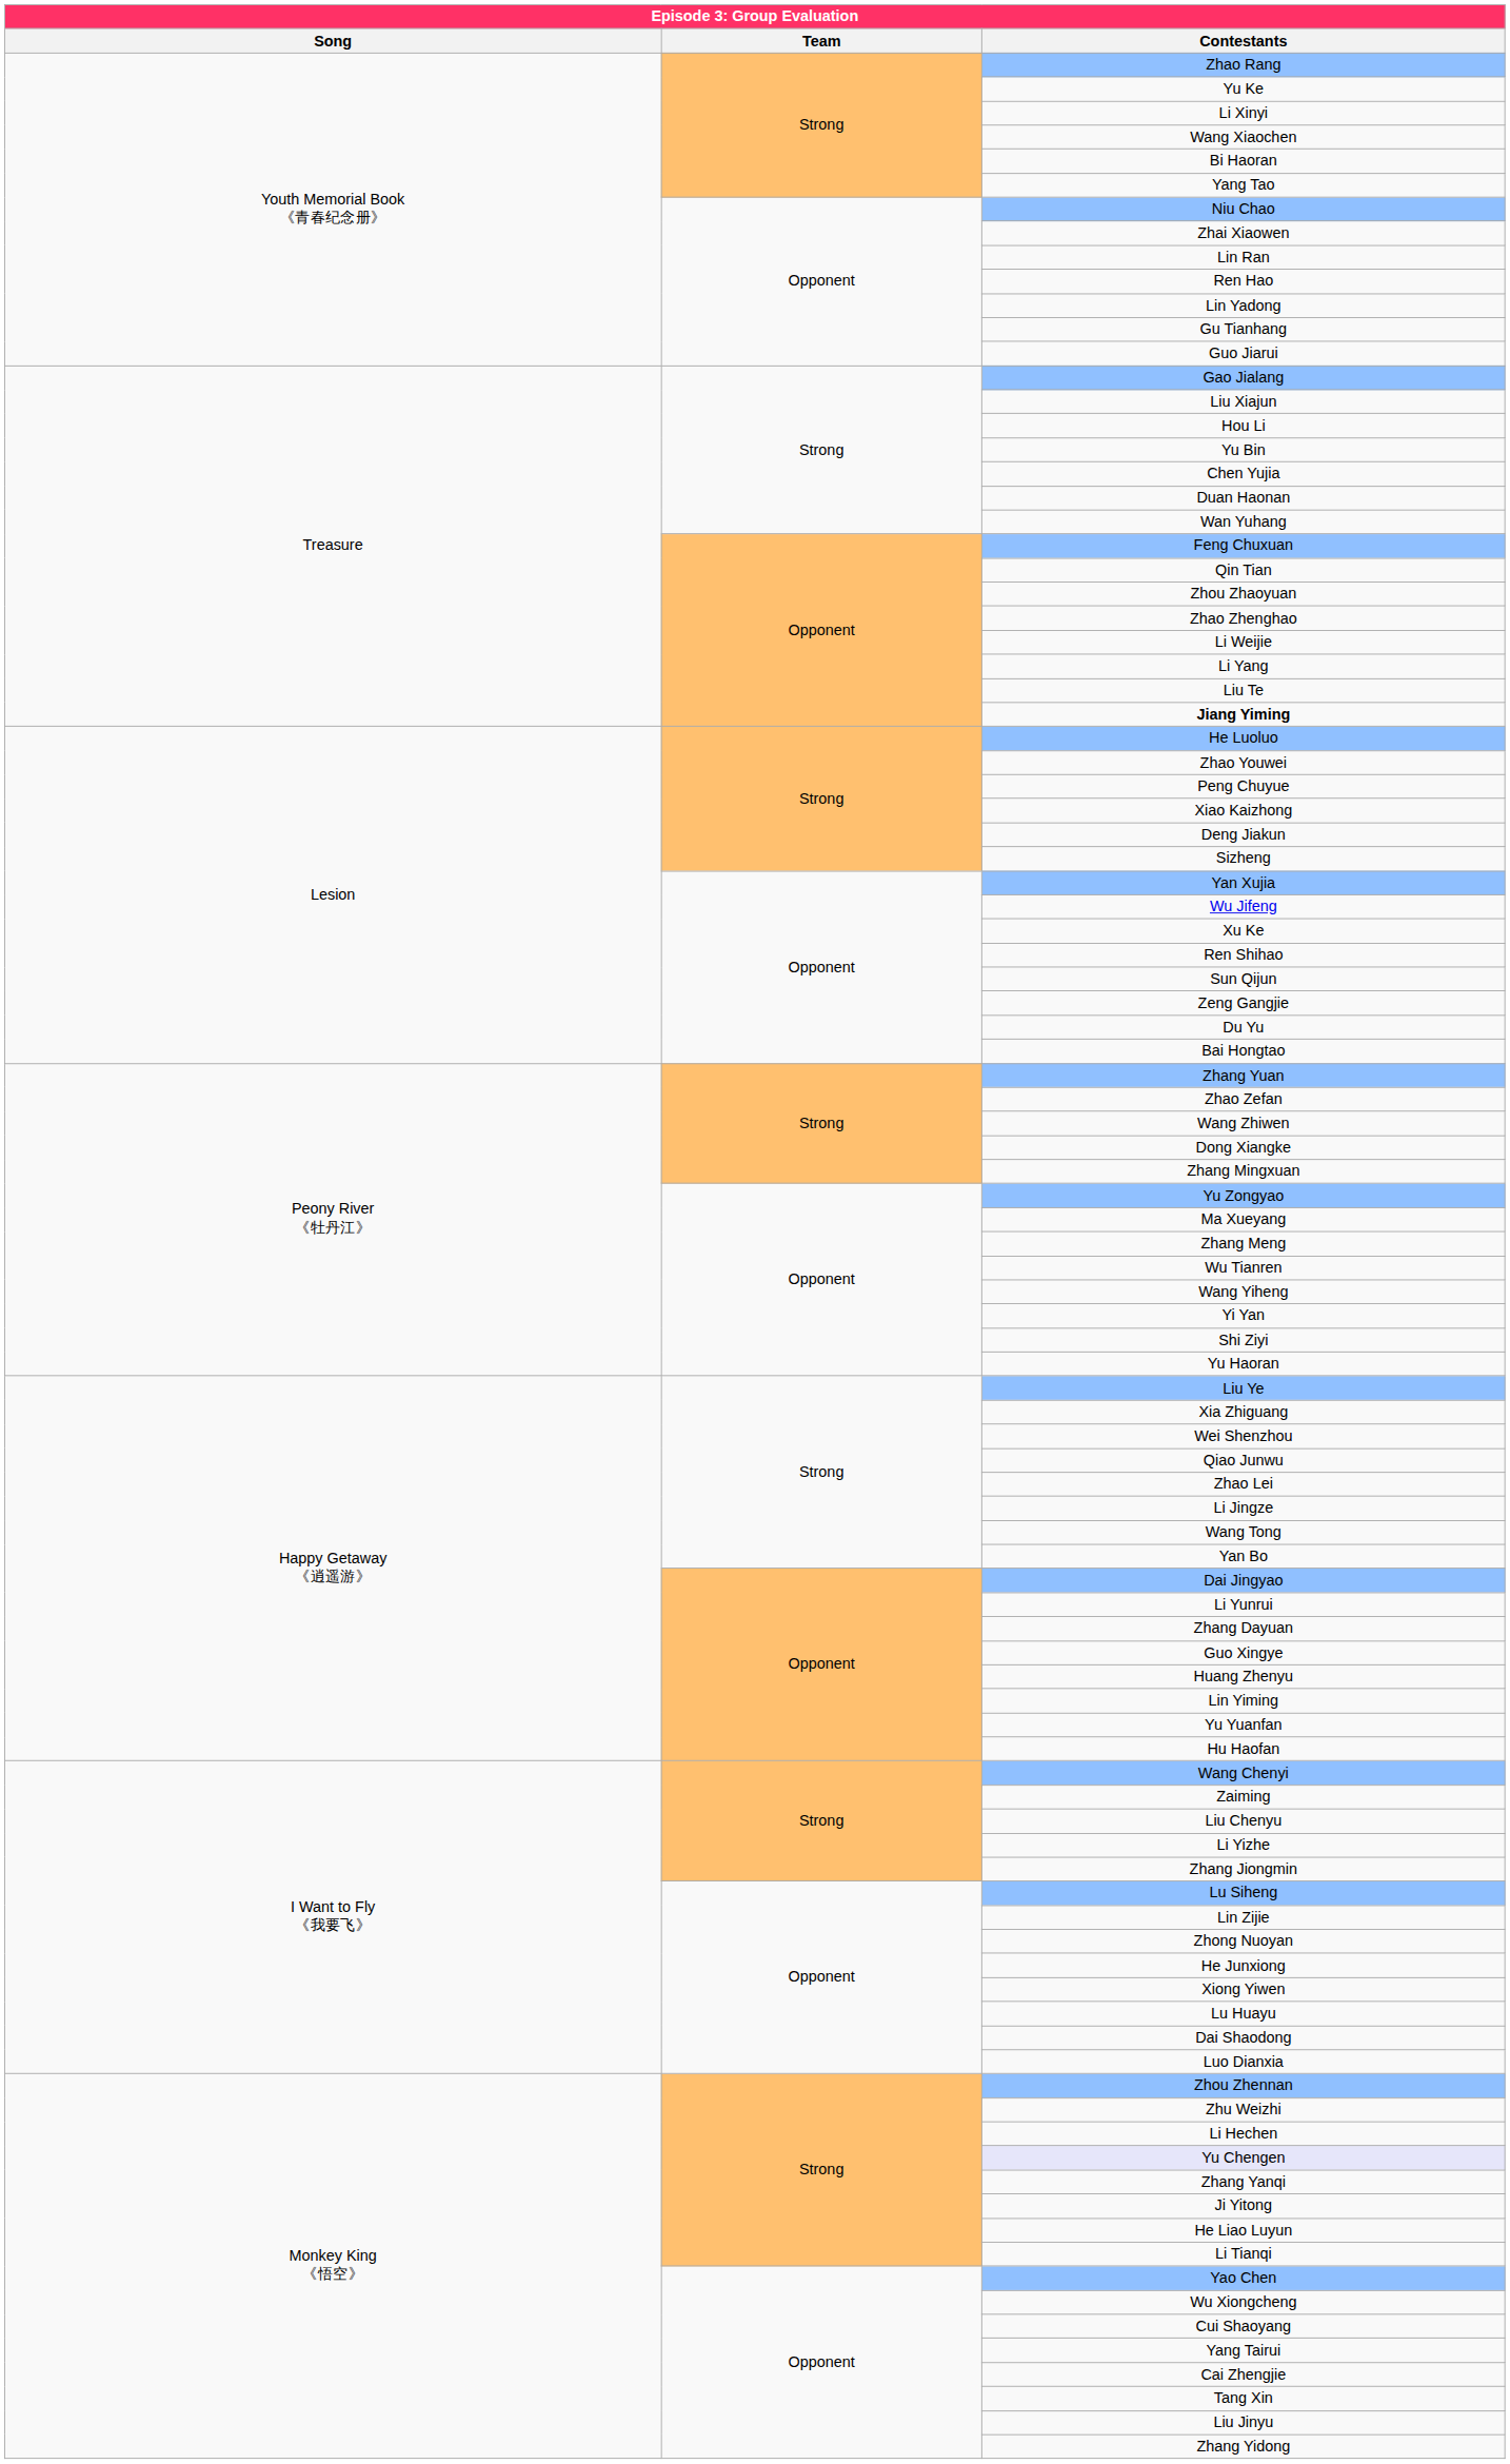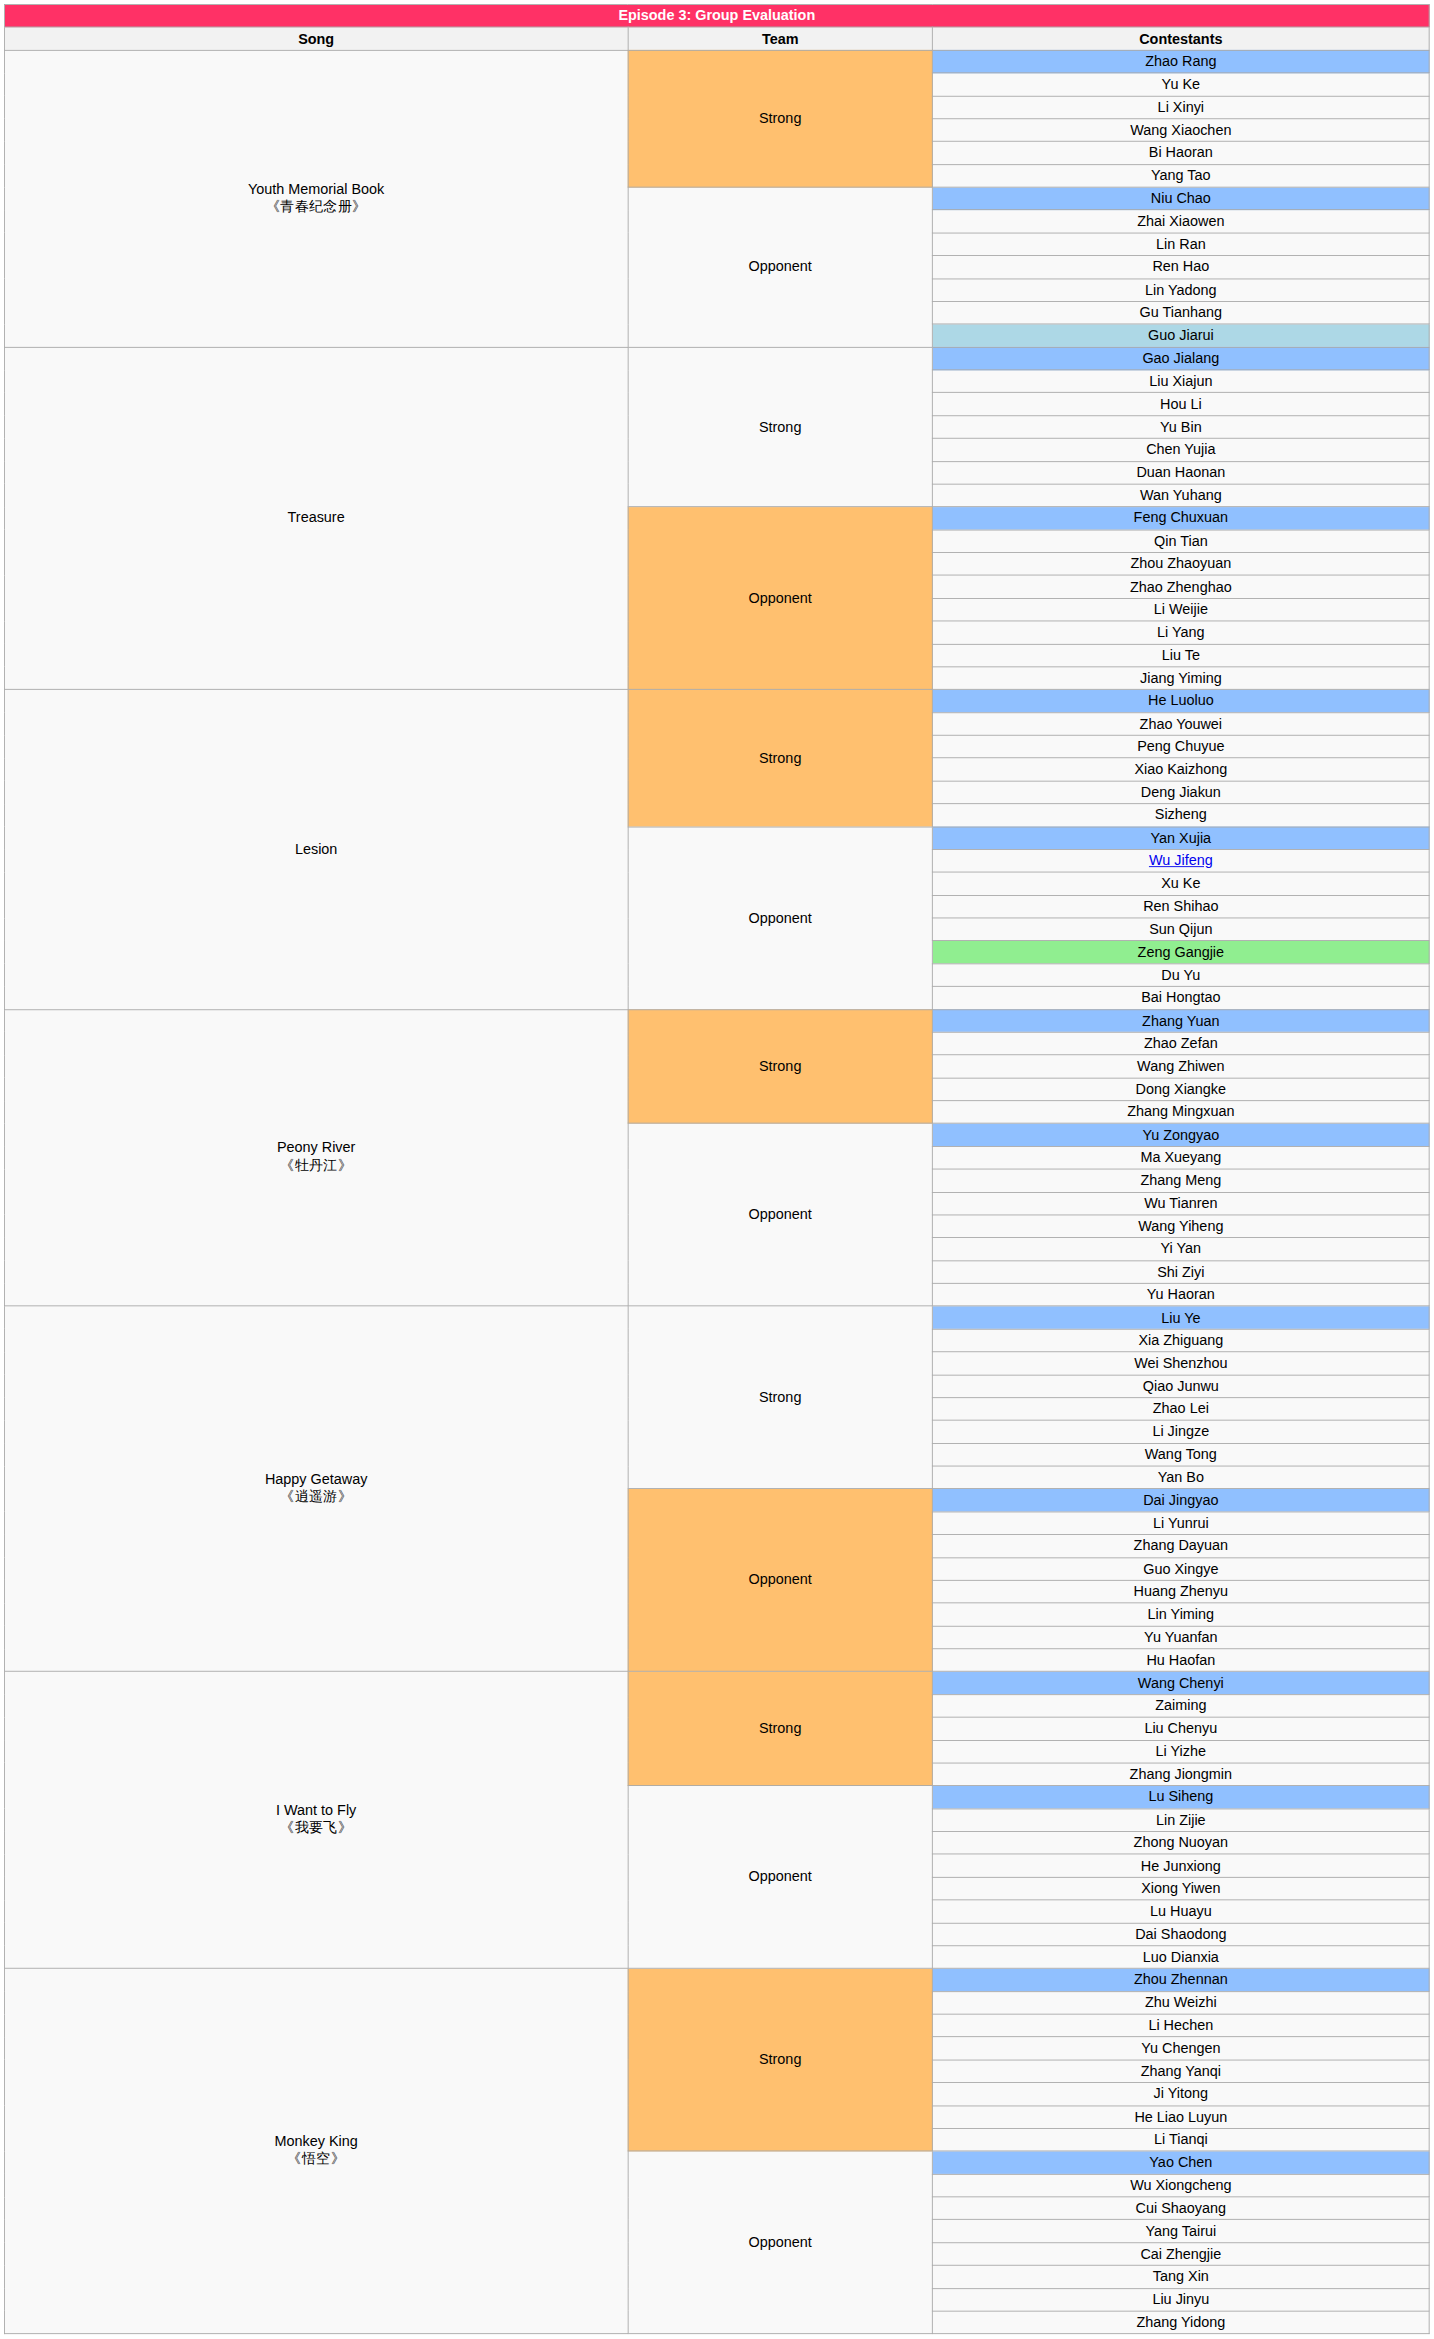 <table class="wikitable sortable" style="text-align:center; width:100%;">
 <tr>
 <th colspan="8" style="background:#FF3166; color:white">Episode 3: Group Evaluation</th>
 </tr>
 <tr>
 <th>Song</th>
 <th>Team</th>
 <th>Contestants</th>
 </tr>
 <tr>
 <td rowspan="13">Youth Memorial Book<br>《青春纪念册》</td>
 <td rowspan="6" style=background:#FFC06F>Strong</td>
 <td style=background:#90C0FF;>Zhao Rang</td>
 </tr>
 <tr>
 <td>Yu Ke</td>
 </tr>
 <tr>
 <td>Li Xinyi</td>
 </tr>
 <tr>
 <td>Wang Xiaochen</td>
 </tr>
 <tr>
 <td>Bi Haoran</td>
 </tr>
 <tr>
 <td>Yang Tao</td>
 </tr>
 <tr>
 <td rowspan="7">Opponent</td>
 <td style=background:#90C0FF;>Niu Chao</td>
 </tr>
 <tr>
 <td>Zhai Xiaowen</td>
 </tr>
 <tr>
 <td>Lin Ran</td>
 </tr>
 <tr>
 <td>Ren Hao</td>
 </tr>
 <tr>
 <td>Lin Yadong</td>
 </tr>
 <tr>
 <td>Gu Tianhang</td>
 </tr>
 <tr>
-<td>Guo Jiarui</td>
+<td style="background: lightblue;">Guo Jiarui</td>
 </tr>
 <tr>
 <td rowspan="15">Treasure</td>
 <td rowspan="7">Strong</td>
 <td style=background:#90C0FF;>Gao Jialang</td>
 </tr>
 <tr>
 <td>Liu Xiajun</td>
 </tr>
 <tr>
 <td>Hou Li</td>
 </tr>
 <tr>
 <td>Yu Bin</td>
 </tr>
 <tr>
 <td>Chen Yujia</td>
 </tr>
 <tr>
 <td>Duan Haonan</td>
 </tr>
 <tr>
 <td>Wan Yuhang</td>
 </tr>
 <tr>
 <td rowspan="8" style=background:#FFC06F>Opponent</td>
 <td style=background:#90C0FF;>Feng Chuxuan</td>
 </tr>
 <tr>
 <td>Qin Tian</td>
 </tr>
 <tr>
 <td>Zhou Zhaoyuan</td>
 </tr>
 <tr>
 <td>Zhao Zhenghao</td>
 </tr>
 <tr>
 <td>Li Weijie</td>
 </tr>
 <tr>
 <td>Li Yang</td>
 </tr>
 <tr>
 <td>Liu Te</td>
 </tr>
 <tr>
-<td><strong>Jiang Yiming</strong></td>
+<td>Jiang Yiming</td>
 </tr>
 <tr>
 <td rowspan="14">Lesion</td>
 <td rowspan="6" style=background:#FFC06F>Strong</td>
 <td style=background:#90C0FF;>He Luoluo</td>
 </tr>
 <tr>
 <td>Zhao Youwei</td>
 </tr>
 <tr>
 <td>Peng Chuyue</td>
 </tr>
 <tr>
 <td>Xiao Kaizhong</td>
 </tr>
 <tr>
 <td>Deng Jiakun</td>
 </tr>
 <tr>
 <td>Sizheng</td>
 </tr>
 <tr>
 <td rowspan="8">Opponent</td>
 <td style=background:#90C0FF;>Yan Xujia</td>
 </tr>
 <tr>
 <td><a href='#'>Wu Jifeng</a></td>
 </tr>
 <tr>
 <td>Xu Ke</td>
 </tr>
 <tr>
 <td>Ren Shihao</td>
 </tr>
 <tr>
 <td>Sun Qijun</td>
 </tr>
 <tr>
-<td>Zeng Gangjie</td>
+<td style="background: lightgreen;">Zeng Gangjie</td>
 </tr>
 <tr>
 <td>Du Yu</td>
 </tr>
 <tr>
 <td>Bai Hongtao</td>
 </tr>
 <tr>
 <td rowspan="13">Peony River<br>《牡丹江》</td>
 <td rowspan="5" style=background:#FFC06F>Strong</td>
 <td style=background:#90C0FF;>Zhang Yuan</td>
 </tr>
 <tr>
 <td>Zhao Zefan</td>
 </tr>
 <tr>
 <td>Wang Zhiwen</td>
 </tr>
 <tr>
 <td>Dong Xiangke</td>
 </tr>
 <tr>
 <td>Zhang Mingxuan</td>
 </tr>
 <tr>
 <td rowspan="8">Opponent</td>
 <td style=background:#90C0FF;>Yu Zongyao</td>
 </tr>
 <tr>
 <td>Ma Xueyang</td>
 </tr>
 <tr>
 <td>Zhang Meng</td>
 </tr>
 <tr>
 <td>Wu Tianren</td>
 </tr>
 <tr>
 <td>Wang Yiheng</td>
 </tr>
 <tr>
 <td>Yi Yan</td>
 </tr>
 <tr>
 <td>Shi Ziyi</td>
 </tr>
 <tr>
 <td>Yu Haoran</td>
 </tr>
 <tr>
 <td rowspan="16">Happy Getaway<br>《逍遥游》</td>
 <td rowspan="8">Strong</td>
 <td style=background:#90C0FF;>Liu Ye</td>
 </tr>
 <tr>
 <td>Xia Zhiguang</td>
 </tr>
 <tr>
 <td>Wei Shenzhou</td>
 </tr>
 <tr>
 <td>Qiao Junwu</td>
 </tr>
 <tr>
 <td>Zhao Lei</td>
 </tr>
 <tr>
 <td>Li Jingze</td>
 </tr>
 <tr>
 <td>Wang Tong</td>
 </tr>
 <tr>
 <td>Yan Bo</td>
 </tr>
 <tr>
 <td rowspan="8" style=background:#FFC06F>Opponent</td>
 <td style=background:#90C0FF;>Dai Jingyao</td>
 </tr>
 <tr>
 <td>Li Yunrui</td>
 </tr>
 <tr>
 <td>Zhang Dayuan</td>
 </tr>
 <tr>
 <td>Guo Xingye</td>
 </tr>
 <tr>
 <td>Huang Zhenyu</td>
 </tr>
 <tr>
 <td>Lin Yiming</td>
 </tr>
 <tr>
 <td>Yu Yuanfan</td>
 </tr>
 <tr>
 <td>Hu Haofan</td>
 </tr>
 <tr>
 <td rowspan="13">I Want to Fly<br>《我要飞》</td>
 <td rowspan="5" style=background:#FFC06F>Strong</td>
 <td style=background:#90C0FF;>Wang Chenyi</td>
 </tr>
 <tr>
 <td>Zaiming</td>
 </tr>
 <tr>
 <td>Liu Chenyu</td>
 </tr>
 <tr>
 <td>Li Yizhe</td>
 </tr>
 <tr>
 <td>Zhang Jiongmin</td>
 </tr>
 <tr>
 <td rowspan="8">Opponent</td>
 <td style=background:#90C0FF;>Lu Siheng</td>
 </tr>
 <tr>
 <td>Lin Zijie</td>
 </tr>
 <tr>
 <td>Zhong Nuoyan</td>
 </tr>
 <tr>
 <td>He Junxiong</td>
 </tr>
 <tr>
 <td>Xiong Yiwen</td>
 </tr>
 <tr>
 <td>Lu Huayu</td>
 </tr>
 <tr>
 <td>Dai Shaodong</td>
 </tr>
 <tr>
 <td>Luo Dianxia</td>
 </tr>
 <tr>
 <td rowspan="16">Monkey King<br>《悟空》</td>
 <td rowspan="8" style=background:#FFC06F>Strong</td>
 <td style=background:#90C0FF;>Zhou Zhennan</td>
 </tr>
 <tr>
 <td>Zhu Weizhi</td>
 </tr>
 <tr>
 <td>Li Hechen</td>
 </tr>
 <tr>
-<td style="background: lavender;">Yu Chengen</td>
+<td>Yu Chengen</td>
 </tr>
 <tr>
 <td>Zhang Yanqi</td>
 </tr>
 <tr>
 <td>Ji Yitong</td>
 </tr>
 <tr>
 <td>He Liao Luyun</td>
 </tr>
 <tr>
 <td>Li Tianqi</td>
 </tr>
 <tr>
 <td rowspan="8">Opponent</td>
 <td style=background:#90C0FF;>Yao Chen</td>
 </tr>
 <tr>
 <td>Wu Xiongcheng</td>
 </tr>
 <tr>
 <td>Cui Shaoyang</td>
 </tr>
 <tr>
 <td>Yang Tairui</td>
 </tr>
 <tr>
 <td>Cai Zhengjie</td>
 </tr>
 <tr>
 <td>Tang Xin</td>
 </tr>
 <tr>
 <td>Liu Jinyu</td>
 </tr>
 <tr>
 <td>Zhang Yidong</td>
 </tr>
 </table>
